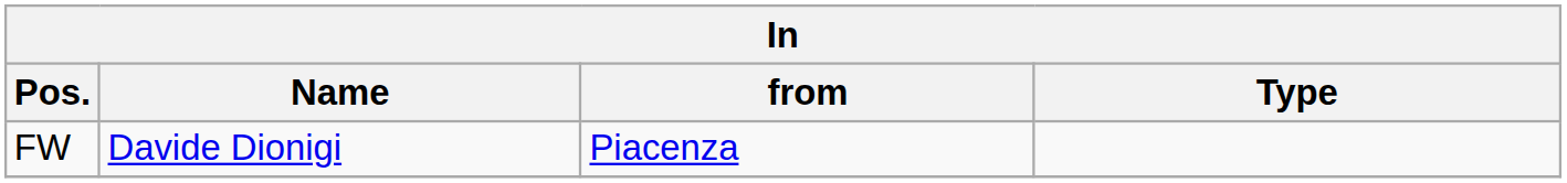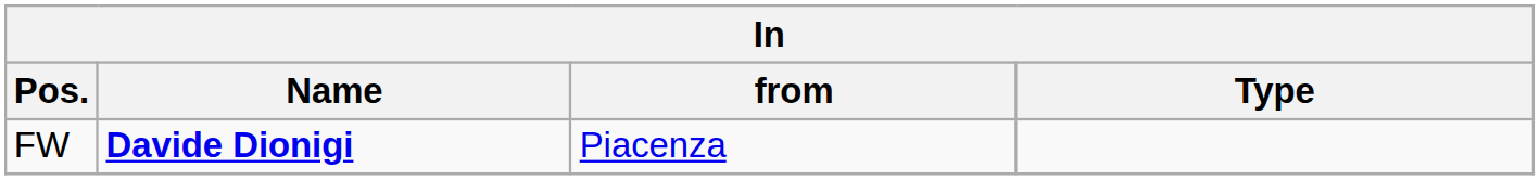 <table class="wikitable" style="font-size:90%;width:99%;">
 <tr>
 <th colspan="4">In</th>
 </tr>
 <tr>
 <th width=3%>Pos.</th>
 <th width=32%>Name</th>
 <th width=30%>from</th>
 <th width=35%>Type</th>
 </tr>
 <tr>
 <td>FW</td>
-<td><a href='#'>Davide Dionigi</a></td>
+<td><strong><a href='#'>Davide Dionigi</a></strong></td>
 <td><a href='#'>Piacenza</a></td>
 <td></td>
 </tr>
 <tr>
 </tr>
 </table>
